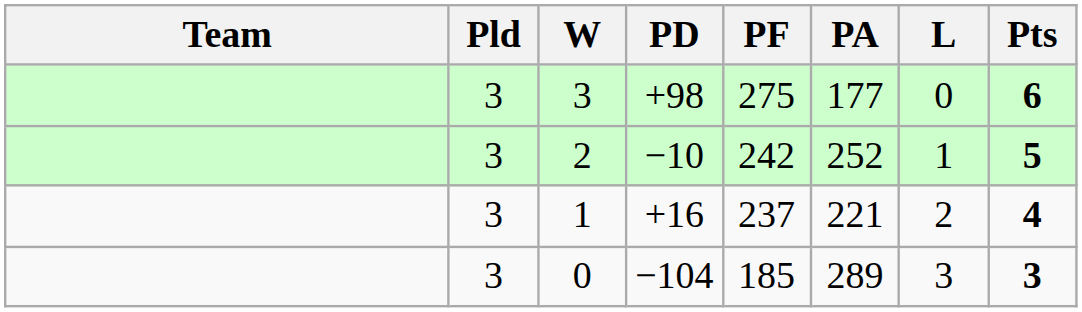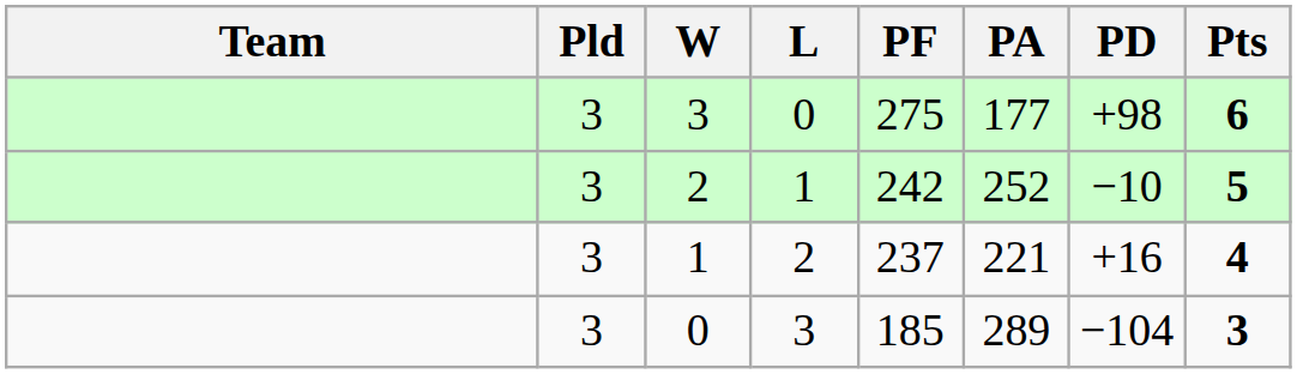 <table class=wikitable style="text-align:center">
 <tr>
 <th width=180>Team</th>
 <th width=30>Pld</th>
 <th width=30>W</th>
-<th width=30>PD</th>
+<th width=30>L</th>
 <th width=30>PF</th>
 <th width=30>PA</th>
-<th width=30>L</th>
+<th width=30>PD</th>
 <th width=30>Pts</th>
 </tr>
 <tr align=center bgcolor="#ccffcc">
 <td align=left></td>
 <td>3</td>
 <td>3</td>
-<td>+98</td>
+<td>0</td>
 <td>275</td>
 <td>177</td>
-<td>0</td>
+<td>+98</td>
 <td><strong>6</strong></td>
 </tr>
 <tr align=center bgcolor="#ccffcc">
 <td align=left></td>
 <td>3</td>
 <td>2</td>
-<td>−10</td>
+<td>1</td>
 <td>242</td>
 <td>252</td>
-<td>1</td>
+<td>−10</td>
 <td><strong>5</strong></td>
 </tr>
 <tr align=center>
 <td align=left></td>
 <td>3</td>
 <td>1</td>
-<td>+16</td>
+<td>2</td>
 <td>237</td>
 <td>221</td>
-<td>2</td>
+<td>+16</td>
 <td><strong>4</strong></td>
 </tr>
 <tr align=center>
 <td align=left></td>
 <td>3</td>
 <td>0</td>
-<td>−104</td>
+<td>3</td>
 <td>185</td>
 <td>289</td>
-<td>3</td>
+<td>−104</td>
 <td><strong>3</strong></td>
 </tr>
 </table>
